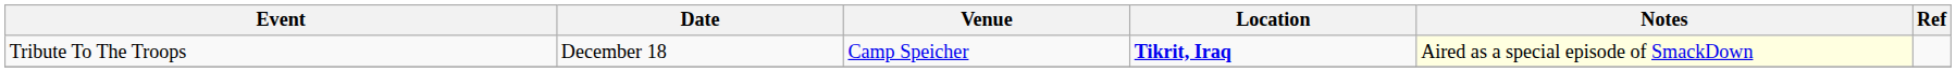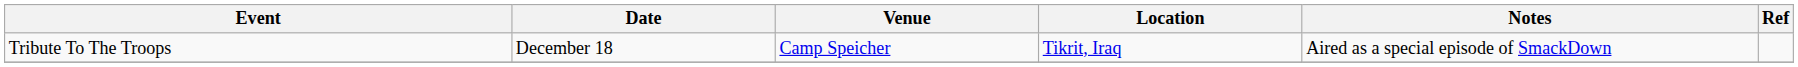 <table class="wikitable plainrowheaders sortable" style="width:100%;">
 <tr>
 <th style="width:29%;">Event</th>
 <th style="width:15%;">Date</th>
 <th style="width:15%;">Venue</th>
 <th style="width:15%;">Location</th>
 <th style="width:99%;">Notes</th>
 <th style="width:99%;">Ref</th>
 </tr>
 <tr>
 <td>Tribute To The Troops</td>
 <td>December 18<br></td>
 <td><a href='#'>Camp Speicher</a></td>
-<td><strong><a href='#'>Tikrit, Iraq</a></strong></td>
-<td style="background: lightyellow;">Aired as a special episode of <a href='#'>SmackDown</a></td>
+<td><a href='#'>Tikrit, Iraq</a></td>
+<td>Aired as a special episode of <a href='#'>SmackDown</a></td>
 <td></td>
 </tr>
 <tr>
 </tr>
 </table>
